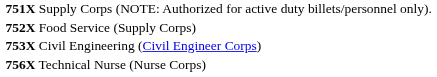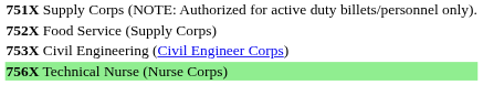 <table>
 <tr>
 <td><strong>751X</strong> Supply Corps (NOTE: Authorized for active duty billets/personnel only).</td>
 </tr>
 <tr>
 <td><strong>752X</strong> Food Service (Supply Corps)</td>
 </tr>
 <tr>
 <td><strong>753X</strong> Civil Engineering (<a href='#'>Civil Engineer Corps</a>)</td>
 </tr>
 <tr>
-<td><strong>756X</strong> Technical Nurse (Nurse Corps)</td>
+<td style="background: lightgreen;"><strong>756X</strong> Technical Nurse (Nurse Corps)</td>
 </tr>
 </table>
